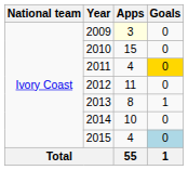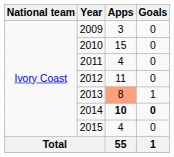 <table class="wikitable" style="text-align:center">
 <tr>
 <th>National team</th>
 <th>Year</th>
 <th>Apps</th>
 <th>Goals</th>
 </tr>
 <tr>
 <td rowspan="7"><a href='#'>Ivory Coast</a></td>
 <td>2009</td>
-<td style="background: lightyellow;">3</td>
+<td>3</td>
 <td>0</td>
 </tr>
 <tr>
 <td>2010</td>
 <td>15</td>
 <td>0</td>
 </tr>
 <tr>
 <td>2011</td>
 <td>4</td>
-<td style="background: gold;">0</td>
+<td>0</td>
 </tr>
 <tr>
 <td>2012</td>
 <td>11</td>
 <td>0</td>
 </tr>
 <tr>
 <td>2013</td>
-<td>8</td>
+<td style="background: lightsalmon;">8</td>
 <td>1</td>
 </tr>
 <tr>
 <td>2014</td>
-<td>10</td>
-<td>0</td>
+<td><strong>10</strong></td>
+<td><strong>0</strong></td>
 </tr>
 <tr>
 <td>2015</td>
 <td>4</td>
-<td style="background: lightblue;">0</td>
+<td>0</td>
 </tr>
 <tr>
 <th colspan="2">Total</th>
 <th>55</th>
 <th>1</th>
 </tr>
 </table>
